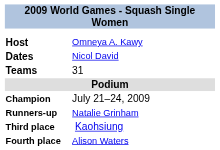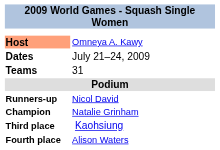 <table class="toccolours" style="float: right; margin: 0 0 1em 1em; font-size: 90%;" width=300px>
 <tr>
 <td colspan="2" style="background: #B0C4DE; text-align: center;" height=30px><strong>2009 World Games -  Squash Single Women</strong></td>
 </tr>
 <tr>
 <td colspan="2" style="text-align: center;"></td>
 </tr>
 <tr style="vertical-align:top;">
 <td colspan=2></td>
 </tr>
 <tr style="vertical-align:top;">
-<td><strong>Host</strong></td>
+<td style="background: lightsalmon;"><strong>Host</strong></td>
 <td style=font-size:90% width=250> <a href='#'>Omneya A. Kawy</a></td>
 </tr>
 <tr style="vertical-align:top;">
 <td><strong>Dates</strong></td>
-<td style=font-size:90% width=250> <a href='#'>Nicol David</a></td>
+<td>July 21–24, 2009</td>
 </tr>
 <tr style="vertical-align:top;">
 <td width=90><strong>Teams</strong></td>
 <td>31</td>
 </tr>
 <tr>
 <td colspan="2" style="background: #dedede; text-align: center;"><strong>Podium</strong></td>
 </tr>
 <tr style="vertical-align:top;">
-<td style=font-size:90% width=100> <strong>Champion</strong></td>
-<td>July 21–24, 2009</td>
+<td style=font-size:90% width=100> <strong>Runners-up</strong></td>
+<td style=font-size:90% width=250> <a href='#'>Nicol David</a></td>
 </tr>
 <tr>
-<td style=font-size:90% width=100> <strong>Runners-up</strong></td>
+<td style=font-size:90% width=100> <strong>Champion</strong></td>
 <td style=font-size:90% width=250> <a href='#'>Natalie Grinham</a></td>
 </tr>
 <tr>
 <td style=font-size:90% width=100> <strong>Third place</strong></td>
 <td> <a href='#'>Kaohsiung</a></td>
 </tr>
 <tr>
 <td style=font-size:90% width=100><strong>Fourth place</strong></td>
 <td style=font-size:90% width=250> <a href='#'>Alison Waters</a></td>
 </tr>
 </table>
